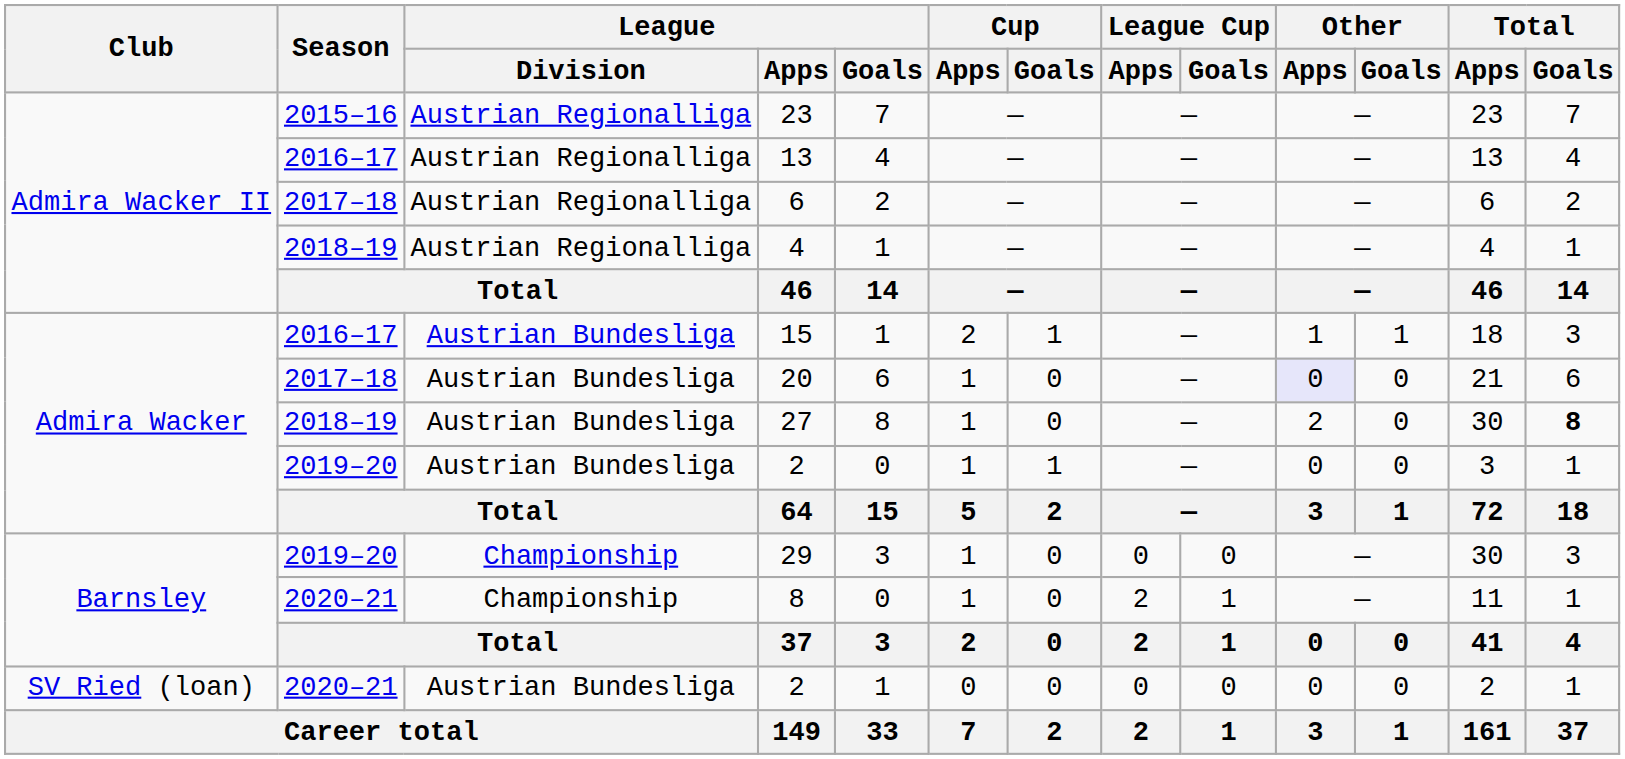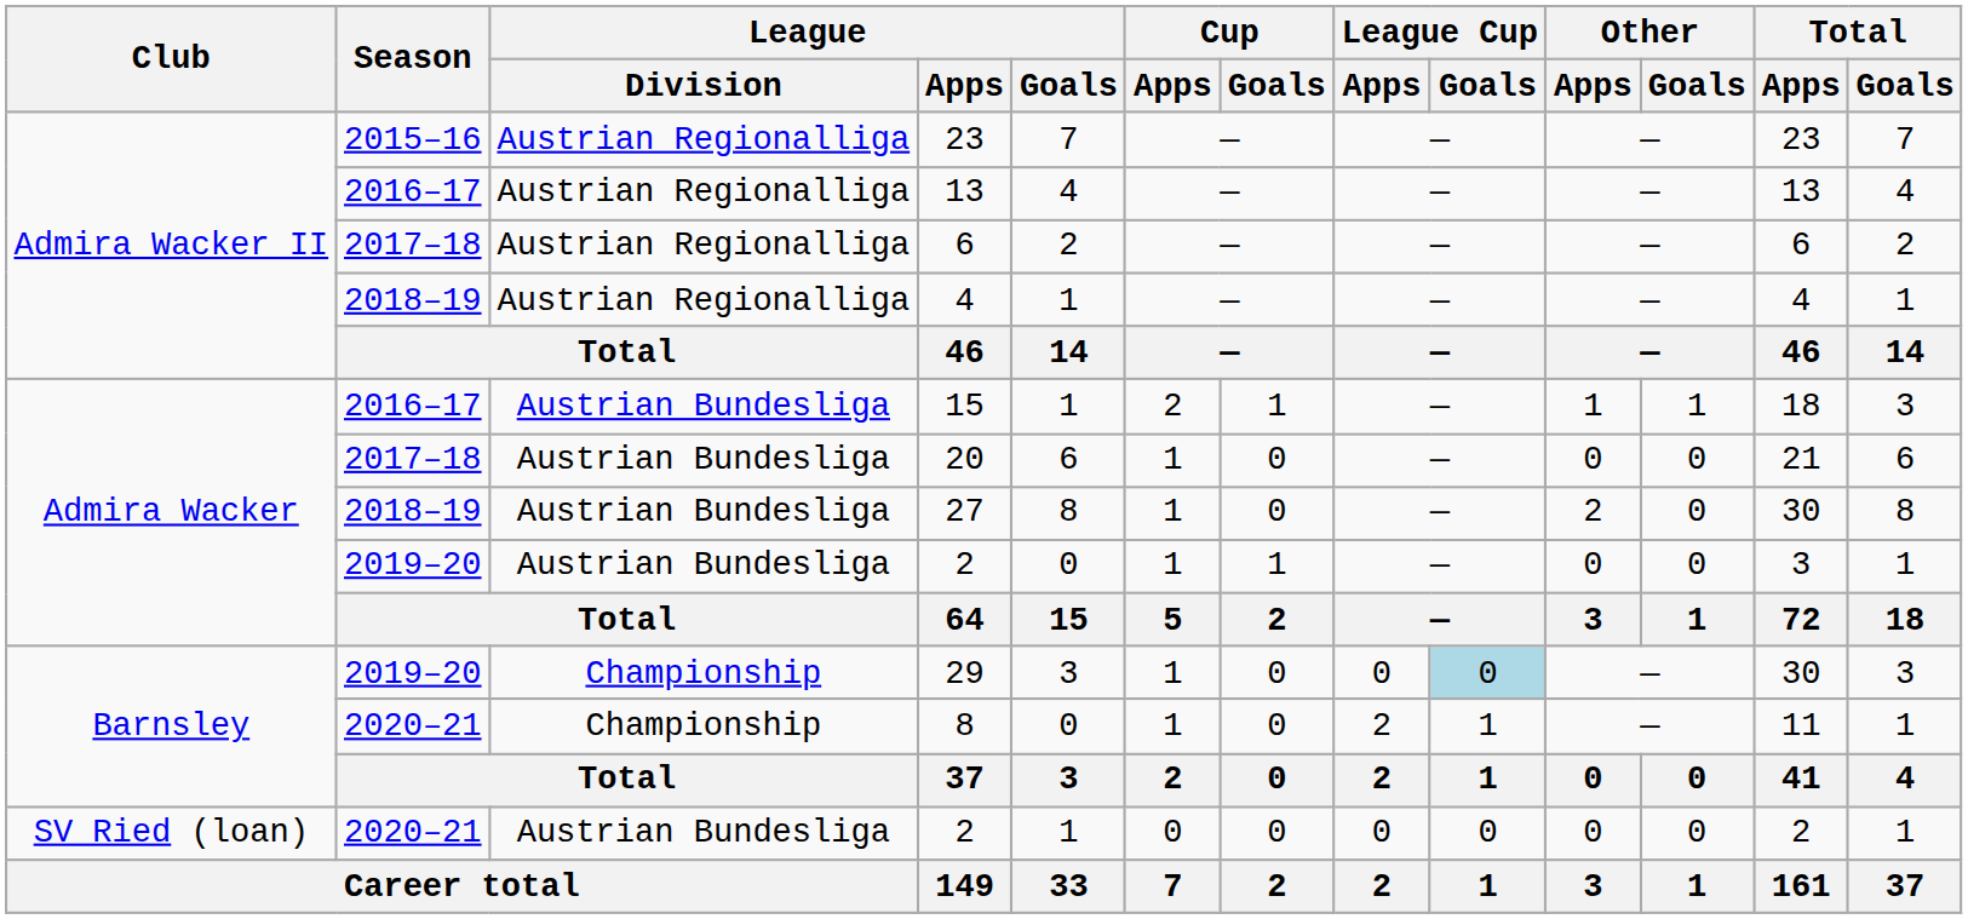 <table class="wikitable" style="text-align: center;">
 <tr>
 <th rowspan="2">Club</th>
 <th rowspan="2">Season</th>
 <th colspan="3">League</th>
 <th colspan="2">Cup</th>
 <th colspan="2">League Cup</th>
 <th colspan="2">Other</th>
 <th colspan="2">Total</th>
 </tr>
 <tr>
 <th>Division</th>
 <th>Apps</th>
 <th>Goals</th>
 <th>Apps</th>
 <th>Goals</th>
 <th>Apps</th>
 <th>Goals</th>
 <th>Apps</th>
 <th>Goals</th>
 <th>Apps</th>
 <th>Goals</th>
 </tr>
 <tr>
 <td rowspan=5><a href='#'>Admira Wacker II</a></td>
 <td><a href='#'>2015–16</a></td>
 <td><a href='#'>Austrian Regionalliga</a></td>
 <td>23</td>
 <td>7</td>
 <td colspan=2>—</td>
 <td colspan=2>—</td>
 <td colspan=2>—</td>
 <td>23</td>
 <td>7</td>
 </tr>
 <tr>
 <td><a href='#'>2016–17</a></td>
 <td>Austrian Regionalliga</td>
 <td>13</td>
 <td>4</td>
 <td colspan=2>—</td>
 <td colspan=2>—</td>
 <td colspan=2>—</td>
 <td>13</td>
 <td>4</td>
 </tr>
 <tr>
 <td><a href='#'>2017–18</a></td>
 <td>Austrian Regionalliga</td>
 <td>6</td>
 <td>2</td>
 <td colspan=2>—</td>
 <td colspan=2>—</td>
 <td colspan=2>—</td>
 <td>6</td>
 <td>2</td>
 </tr>
 <tr>
 <td><a href='#'>2018–19</a></td>
 <td>Austrian Regionalliga</td>
 <td>4</td>
 <td>1</td>
 <td colspan=2>—</td>
 <td colspan=2>—</td>
 <td colspan=2>—</td>
 <td>4</td>
 <td>1</td>
 </tr>
 <tr>
 <th colspan=2>Total</th>
 <th>46</th>
 <th>14</th>
 <th colspan=2>—</th>
 <th colspan=2>—</th>
 <th colspan=2>—</th>
 <th>46</th>
 <th>14</th>
 </tr>
 <tr>
 <td rowspan=5><a href='#'>Admira Wacker</a></td>
 <td><a href='#'>2016–17</a></td>
 <td><a href='#'>Austrian Bundesliga</a></td>
 <td>15</td>
 <td>1</td>
 <td>2</td>
 <td>1</td>
 <td colspan=2>—</td>
 <td>1</td>
 <td>1</td>
 <td>18</td>
 <td>3</td>
 </tr>
 <tr>
 <td><a href='#'>2017–18</a></td>
 <td>Austrian Bundesliga</td>
 <td>20</td>
 <td>6</td>
 <td>1</td>
 <td>0</td>
 <td colspan=2>—</td>
-<td style="background: lavender;">0</td>
+<td>0</td>
 <td>0</td>
 <td>21</td>
 <td>6</td>
 </tr>
 <tr>
 <td><a href='#'>2018–19</a></td>
 <td>Austrian Bundesliga</td>
 <td>27</td>
 <td>8</td>
 <td>1</td>
 <td>0</td>
 <td colspan=2>—</td>
 <td>2</td>
 <td>0</td>
 <td>30</td>
-<td><strong>8</strong></td>
+<td>8</td>
 </tr>
 <tr>
 <td><a href='#'>2019–20</a></td>
 <td>Austrian Bundesliga</td>
 <td>2</td>
 <td>0</td>
 <td>1</td>
 <td>1</td>
 <td colspan=2>—</td>
 <td>0</td>
 <td>0</td>
 <td>3</td>
 <td>1</td>
 </tr>
 <tr>
 <th colspan=2>Total</th>
 <th>64</th>
 <th>15</th>
 <th>5</th>
 <th>2</th>
 <th colspan=2>—</th>
 <th>3</th>
 <th>1</th>
 <th>72</th>
 <th>18</th>
 </tr>
 <tr>
 <td rowspan=3><a href='#'>Barnsley</a></td>
 <td><a href='#'>2019–20</a></td>
 <td><a href='#'>Championship</a></td>
 <td>29</td>
 <td>3</td>
 <td>1</td>
 <td>0</td>
 <td>0</td>
-<td>0</td>
+<td style="background: lightblue;">0</td>
 <td colspan=2>—</td>
 <td>30</td>
 <td>3</td>
 </tr>
 <tr>
 <td><a href='#'>2020–21</a></td>
 <td>Championship</td>
 <td>8</td>
 <td>0</td>
 <td>1</td>
 <td>0</td>
 <td>2</td>
 <td>1</td>
 <td colspan=2>—</td>
 <td>11</td>
 <td>1</td>
 </tr>
 <tr>
 <th colspan=2>Total</th>
 <th>37</th>
 <th>3</th>
 <th>2</th>
 <th>0</th>
 <th>2</th>
 <th>1</th>
 <th>0</th>
 <th>0</th>
 <th>41</th>
 <th>4</th>
 </tr>
 <tr>
 <td><a href='#'>SV Ried</a> (loan)</td>
 <td><a href='#'>2020–21</a></td>
 <td>Austrian Bundesliga</td>
 <td>2</td>
 <td>1</td>
 <td>0</td>
 <td>0</td>
 <td>0</td>
 <td>0</td>
 <td>0</td>
 <td>0</td>
 <td>2</td>
 <td>1</td>
 </tr>
 <tr>
 <th colspan="3">Career total</th>
 <th>149</th>
 <th>33</th>
 <th>7</th>
 <th>2</th>
 <th>2</th>
 <th>1</th>
 <th>3</th>
 <th>1</th>
 <th>161</th>
 <th>37</th>
 </tr>
 </table>
